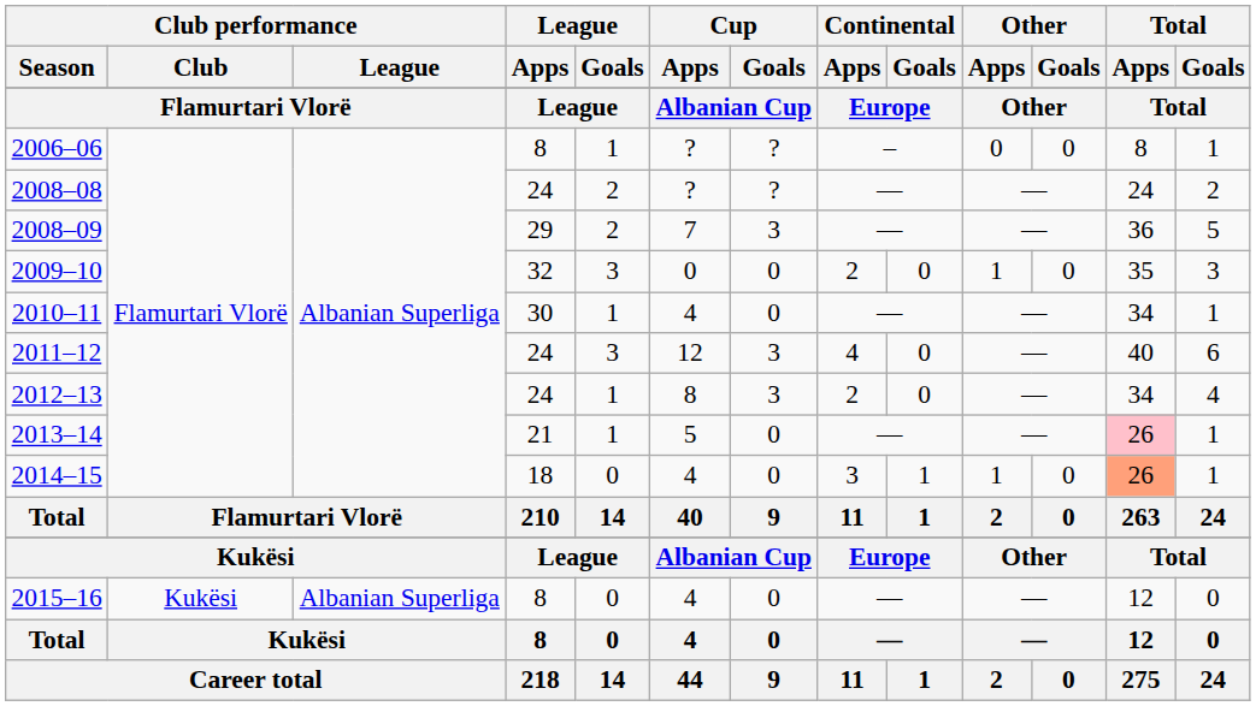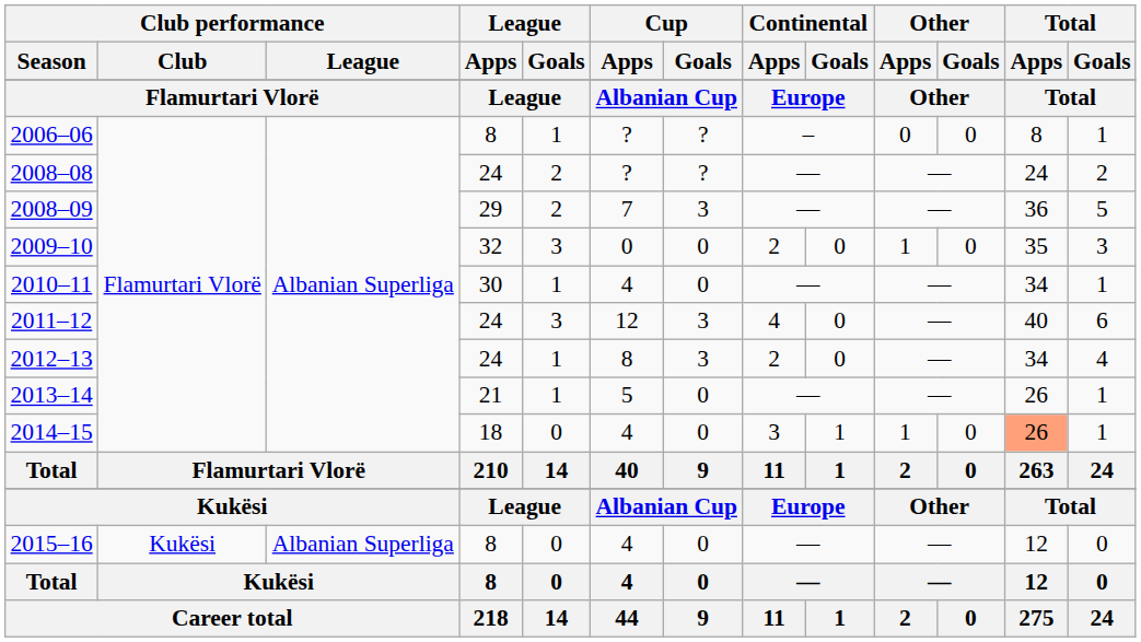 <table class="wikitable" style="text-align:center">
 <tr>
 <th colspan=3>Club performance</th>
 <th colspan=2>League</th>
 <th colspan=2>Cup</th>
 <th colspan=2>Continental</th>
 <th colspan=2>Other</th>
 <th colspan=2>Total</th>
 </tr>
 <tr>
 <th>Season</th>
 <th>Club</th>
 <th>League</th>
 <th>Apps</th>
 <th>Goals</th>
 <th>Apps</th>
 <th>Goals</th>
 <th>Apps</th>
 <th>Goals</th>
 <th>Apps</th>
 <th>Goals</th>
 <th>Apps</th>
 <th>Goals</th>
 </tr>
 <tr>
 </tr>
 <tr>
 <th colspan=3>Flamurtari Vlorë</th>
 <th colspan=2>League</th>
 <th colspan=2><a href='#'>Albanian Cup</a></th>
 <th colspan=2><a href='#'>Europe</a></th>
 <th colspan=2>Other</th>
 <th colspan=2>Total</th>
 </tr>
 <tr>
 <td><a href='#'>2006–06</a></td>
 <td rowspan="9"><a href='#'>Flamurtari Vlorë</a></td>
 <td rowspan="9"><a href='#'>Albanian Superliga</a></td>
 <td>8</td>
 <td>1</td>
 <td>?</td>
 <td>?</td>
 <td colspan="2">–</td>
 <td>0</td>
 <td>0</td>
 <td>8</td>
 <td>1</td>
 </tr>
 <tr>
 <td><a href='#'>2008–08</a></td>
 <td>24</td>
 <td>2</td>
 <td>?</td>
 <td>?</td>
 <td colspan="2">—</td>
 <td colspan="2">—</td>
 <td>24</td>
 <td>2</td>
 </tr>
 <tr>
 <td><a href='#'>2008–09</a></td>
 <td>29</td>
 <td>2</td>
 <td>7</td>
 <td>3</td>
 <td colspan="2">—</td>
 <td colspan="2">—</td>
 <td>36</td>
 <td>5</td>
 </tr>
 <tr>
 <td><a href='#'>2009–10</a></td>
 <td>32</td>
 <td>3</td>
 <td>0</td>
 <td>0</td>
 <td>2</td>
 <td>0</td>
 <td>1</td>
 <td>0</td>
 <td>35</td>
 <td>3</td>
 </tr>
 <tr>
 <td><a href='#'>2010–11</a></td>
 <td>30</td>
 <td>1</td>
 <td>4</td>
 <td>0</td>
 <td colspan="2">—</td>
 <td colspan="2">—</td>
 <td>34</td>
 <td>1</td>
 </tr>
 <tr>
 <td><a href='#'>2011–12</a></td>
 <td>24</td>
 <td>3</td>
 <td>12</td>
 <td>3</td>
 <td>4</td>
 <td>0</td>
 <td colspan="2">—</td>
 <td>40</td>
 <td>6</td>
 </tr>
 <tr>
 <td><a href='#'>2012–13</a></td>
 <td>24</td>
 <td>1</td>
 <td>8</td>
 <td>3</td>
 <td>2</td>
 <td>0</td>
 <td colspan="2">—</td>
 <td>34</td>
 <td>4</td>
 </tr>
 <tr>
 <td><a href='#'>2013–14</a></td>
 <td>21</td>
 <td>1</td>
 <td>5</td>
 <td>0</td>
 <td colspan="2">—</td>
 <td colspan="2">—</td>
-<td style="background: pink;">26</td>
+<td>26</td>
 <td>1</td>
 </tr>
 <tr>
 <td><a href='#'>2014–15</a></td>
 <td>18</td>
 <td>0</td>
 <td>4</td>
 <td>0</td>
 <td>3</td>
 <td>1</td>
 <td>1</td>
 <td>0</td>
 <td style="background: lightsalmon;">26</td>
 <td>1</td>
 </tr>
 <tr>
 <th rowspan=1>Total</th>
 <th colspan=2>Flamurtari Vlorë</th>
 <th>210</th>
 <th>14</th>
 <th>40</th>
 <th>9</th>
 <th>11</th>
 <th>1</th>
 <th>2</th>
 <th>0</th>
 <th>263</th>
 <th>24</th>
 </tr>
 <tr>
 </tr>
 <tr>
 <th colspan=3>Kukësi</th>
 <th colspan=2>League</th>
 <th colspan=2><a href='#'>Albanian Cup</a></th>
 <th colspan=2><a href='#'>Europe</a></th>
 <th colspan=2>Other</th>
 <th colspan=2>Total</th>
 </tr>
 <tr>
 <td><a href='#'>2015–16</a></td>
 <td rowspan="1"><a href='#'>Kukësi</a></td>
 <td rowspan="1"><a href='#'>Albanian Superliga</a></td>
 <td>8</td>
 <td>0</td>
 <td>4</td>
 <td>0</td>
 <td colspan="2">—</td>
 <td colspan="2">—</td>
 <td>12</td>
 <td>0</td>
 </tr>
 <tr>
 <th rowspan=1>Total</th>
 <th colspan=2>Kukësi</th>
 <th>8</th>
 <th>0</th>
 <th>4</th>
 <th>0</th>
 <th colspan="2">—</th>
 <th colspan="2">—</th>
 <th>12</th>
 <th>0</th>
 </tr>
 <tr>
 <th colspan=3>Career total</th>
 <th>218</th>
 <th>14</th>
 <th>44</th>
 <th>9</th>
 <th>11</th>
 <th>1</th>
 <th>2</th>
 <th>0</th>
 <th>275</th>
 <th>24</th>
 </tr>
 </table>
